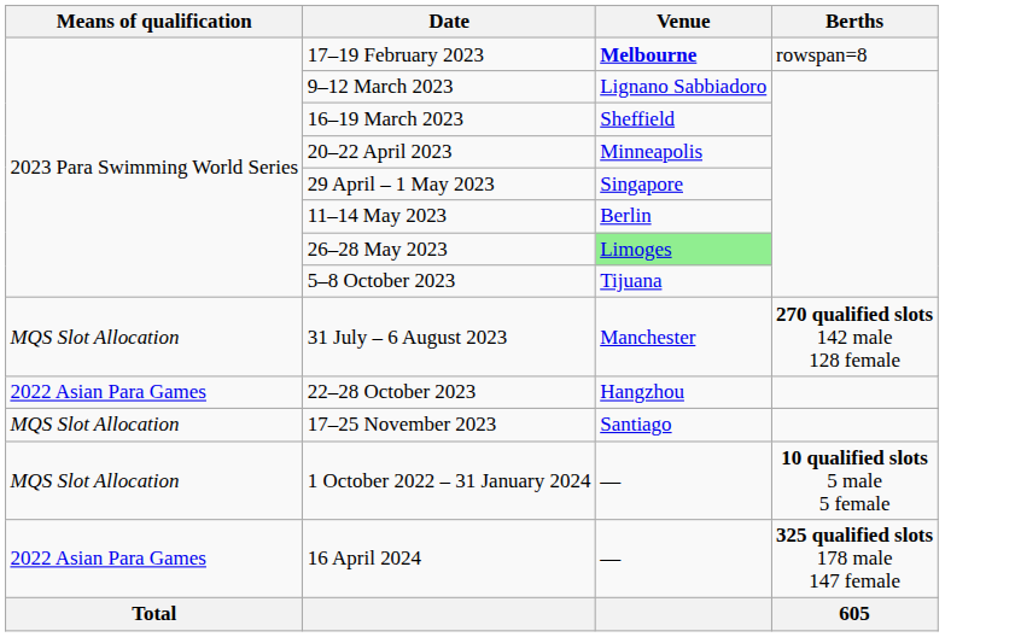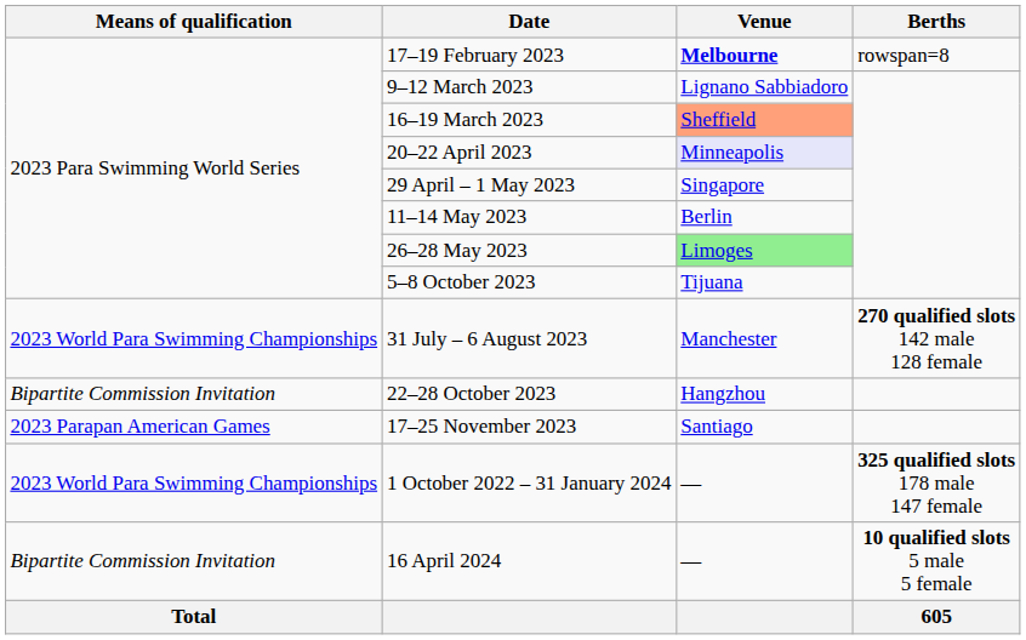 <table class="wikitable">
 <tr>
 <th>Means of qualification</th>
 <th>Date</th>
 <th>Venue</th>
 <th>Berths</th>
 </tr>
 <tr>
 <td rowspan=8>2023 Para Swimming World Series</td>
 <td>17–19 February 2023</td>
 <td><strong> <a href='#'>Melbourne</a></strong></td>
 <td>rowspan=8 </td>
 </tr>
 <tr>
 <td>9–12 March 2023</td>
 <td> <a href='#'>Lignano Sabbiadoro</a></td>
 </tr>
 <tr>
 <td>16–19 March 2023</td>
-<td> <a href='#'>Sheffield</a></td>
+<td style="background: lightsalmon;"> <a href='#'>Sheffield</a></td>
 </tr>
 <tr>
 <td>20–22 April 2023</td>
-<td> <a href='#'>Minneapolis</a></td>
+<td style="background: lavender;"> <a href='#'>Minneapolis</a></td>
 </tr>
 <tr>
 <td>29 April – 1 May 2023</td>
 <td> <a href='#'>Singapore</a></td>
 </tr>
 <tr>
 <td>11–14 May 2023</td>
 <td> <a href='#'>Berlin</a></td>
 </tr>
 <tr>
 <td>26–28 May 2023</td>
 <td style="background: lightgreen;"> <a href='#'>Limoges</a></td>
 </tr>
 <tr>
 <td>5–8 October 2023</td>
 <td> <a href='#'>Tijuana</a></td>
 </tr>
 <tr>
-<td><em>MQS Slot Allocation</em></td>
+<td><a href='#'>2023 World Para Swimming Championships</a></td>
 <td>31 July – 6 August 2023</td>
 <td> <a href='#'>Manchester</a></td>
 <td align=center><strong>270 qualified slots</strong><br>142 male<br>128 female</td>
 </tr>
 <tr>
-<td><a href='#'>2022 Asian Para Games</a></td>
+<td><em>Bipartite Commission Invitation</em></td>
 <td>22–28 October 2023</td>
 <td> <a href='#'>Hangzhou</a></td>
 <td></td>
 </tr>
 <tr>
-<td><em>MQS Slot Allocation</em></td>
+<td><a href='#'>2023 Parapan American Games</a></td>
 <td>17–25 November 2023</td>
 <td> <a href='#'>Santiago</a></td>
 <td></td>
 </tr>
 <tr>
-<td><em>MQS Slot Allocation</em></td>
+<td><a href='#'>2023 World Para Swimming Championships</a></td>
 <td>1 October 2022 – 31 January 2024</td>
 <td>—</td>
-<td align=center><strong>10 qualified slots</strong><br>5 male<br>5 female</td>
+<td align=center><strong>325 qualified slots</strong><br>178 male<br>147 female</td>
 </tr>
 <tr>
-<td><a href='#'>2022 Asian Para Games</a></td>
+<td><em>Bipartite Commission Invitation</em></td>
 <td>16 April 2024</td>
 <td>—</td>
-<td align=center><strong>325 qualified slots</strong><br>178 male<br>147 female</td>
+<td align=center><strong>10 qualified slots</strong><br>5 male<br>5 female</td>
 </tr>
 <tr>
 <th>Total</th>
 <th></th>
 <th></th>
 <th align="center">605</th>
 </tr>
 </table>
